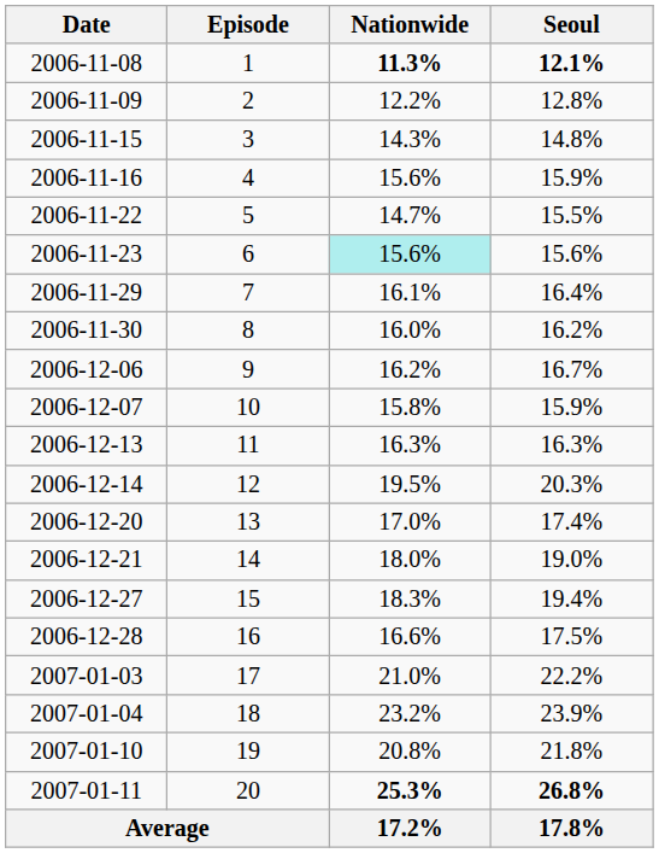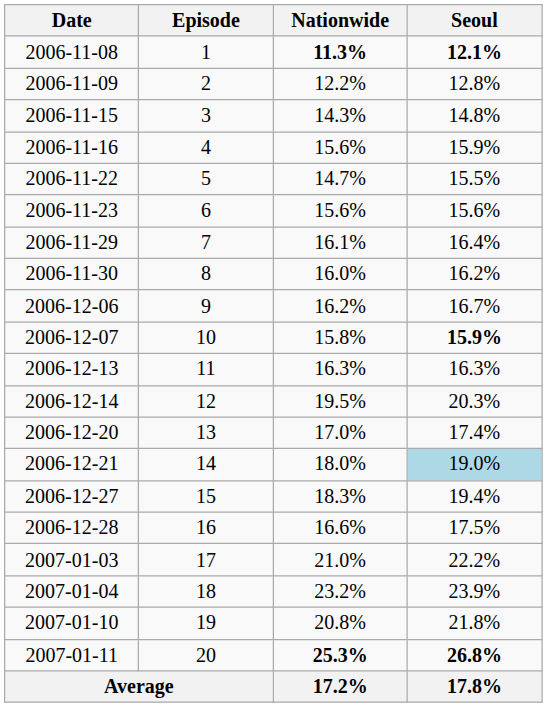 <table class="wikitable">
 <tr>
 <th width=100>Date</th>
 <th width=100>Episode</th>
 <th width=100>Nationwide</th>
 <th width=100>Seoul</th>
 </tr>
 <tr align=center>
 <td>2006-11-08</td>
 <td>1</td>
 <td><span><strong>11.3%</strong></span></td>
 <td><span><strong>12.1%</strong></span></td>
 </tr>
 <tr align=center>
 <td>2006-11-09</td>
 <td>2</td>
 <td>12.2%</td>
 <td>12.8%</td>
 </tr>
 <tr align=center>
 <td>2006-11-15</td>
 <td>3</td>
 <td>14.3%</td>
 <td>14.8%</td>
 </tr>
 <tr align=center>
 <td>2006-11-16</td>
 <td>4</td>
 <td>15.6%</td>
 <td>15.9%</td>
 </tr>
 <tr align=center>
 <td>2006-11-22</td>
 <td>5</td>
 <td>14.7%</td>
 <td>15.5%</td>
 </tr>
 <tr align=center>
 <td>2006-11-23</td>
 <td>6</td>
-<td style="background: paleturquoise;">15.6%</td>
+<td>15.6%</td>
 <td>15.6%</td>
 </tr>
 <tr align=center>
 <td>2006-11-29</td>
 <td>7</td>
 <td>16.1%</td>
 <td>16.4%</td>
 </tr>
 <tr align=center>
 <td>2006-11-30</td>
 <td>8</td>
 <td>16.0%</td>
 <td>16.2%</td>
 </tr>
 <tr align=center>
 <td>2006-12-06</td>
 <td>9</td>
 <td>16.2%</td>
 <td>16.7%</td>
 </tr>
 <tr align=center>
 <td>2006-12-07</td>
 <td>10</td>
 <td>15.8%</td>
-<td>15.9%</td>
+<td><strong>15.9%</strong></td>
 </tr>
 <tr align=center>
 <td>2006-12-13</td>
 <td>11</td>
 <td>16.3%</td>
 <td>16.3%</td>
 </tr>
 <tr align=center>
 <td>2006-12-14</td>
 <td>12</td>
 <td>19.5%</td>
 <td>20.3%</td>
 </tr>
 <tr align=center>
 <td>2006-12-20</td>
 <td>13</td>
 <td>17.0%</td>
 <td>17.4%</td>
 </tr>
 <tr align=center>
 <td>2006-12-21</td>
 <td>14</td>
 <td>18.0%</td>
-<td>19.0%</td>
+<td style="background: lightblue;">19.0%</td>
 </tr>
 <tr align=center>
 <td>2006-12-27</td>
 <td>15</td>
 <td>18.3%</td>
 <td>19.4%</td>
 </tr>
 <tr align=center>
 <td>2006-12-28</td>
 <td>16</td>
 <td>16.6%</td>
 <td>17.5%</td>
 </tr>
 <tr align=center>
 <td>2007-01-03</td>
 <td>17</td>
 <td>21.0%</td>
 <td>22.2%</td>
 </tr>
 <tr align=center>
 <td>2007-01-04</td>
 <td>18</td>
 <td>23.2%</td>
 <td>23.9%</td>
 </tr>
 <tr align=center>
 <td>2007-01-10</td>
 <td>19</td>
 <td>20.8%</td>
 <td>21.8%</td>
 </tr>
 <tr align=center>
 <td>2007-01-11</td>
 <td>20</td>
 <td><span><strong>25.3%</strong></span></td>
 <td><span><strong>26.8%</strong></span></td>
 </tr>
 <tr align="center">
 <th colspan=2>Average</th>
 <th>17.2%</th>
 <th>17.8%</th>
 </tr>
 </table>
